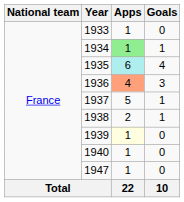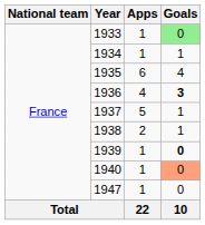 <table class="wikitable" style="text-align:center">
 <tr>
 <th>National team</th>
 <th>Year</th>
 <th>Apps</th>
 <th>Goals</th>
 </tr>
 <tr>
 <td rowspan="9"><a href='#'>France</a></td>
 <td>1933</td>
 <td>1</td>
-<td>0</td>
+<td style="background: lightgreen;">0</td>
 </tr>
 <tr>
 <td>1934</td>
-<td style="background: lightgreen;">1</td>
+<td>1</td>
 <td>1</td>
 </tr>
 <tr>
 <td>1935</td>
-<td style="background: paleturquoise;">6</td>
+<td>6</td>
 <td>4</td>
 </tr>
 <tr>
 <td>1936</td>
-<td style="background: lightsalmon;">4</td>
-<td>3</td>
+<td>4</td>
+<td><strong>3</strong></td>
 </tr>
 <tr>
 <td>1937</td>
 <td>5</td>
 <td>1</td>
 </tr>
 <tr>
 <td>1938</td>
 <td>2</td>
 <td>1</td>
 </tr>
 <tr>
 <td>1939</td>
-<td style="background: lightyellow;">1</td>
-<td>0</td>
+<td>1</td>
+<td><strong>0</strong></td>
 </tr>
 <tr>
 <td>1940</td>
 <td>1</td>
-<td>0</td>
+<td style="background: lightsalmon;">0</td>
 </tr>
 <tr>
 <td>1947</td>
 <td>1</td>
 <td>0</td>
 </tr>
 <tr>
 <th colspan="2">Total</th>
 <th>22</th>
 <th>10</th>
 </tr>
 </table>
